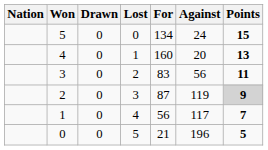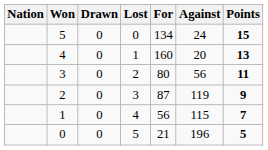 <table class="wikitable" style="text-align: center;">
 <tr>
 <th>Nation</th>
 <th>Won</th>
 <th>Drawn</th>
 <th>Lost</th>
 <th>For</th>
 <th>Against</th>
 <th>Points</th>
 </tr>
 <tr>
 <td align="left"></td>
 <td>5</td>
 <td>0</td>
 <td>0</td>
 <td>134</td>
 <td>24</td>
 <td><strong>15</strong></td>
 </tr>
 <tr>
 <td align="left"></td>
 <td>4</td>
 <td>0</td>
 <td>1</td>
 <td>160</td>
 <td>20</td>
 <td><strong>13</strong></td>
 </tr>
 <tr>
 <td align="left"></td>
 <td>3</td>
 <td>0</td>
 <td>2</td>
-<td>83</td>
+<td>80</td>
 <td>56</td>
 <td><strong>11</strong></td>
 </tr>
 <tr>
 <td align="left"></td>
 <td>2</td>
 <td>0</td>
 <td>3</td>
 <td>87</td>
 <td>119</td>
-<td style="background: lightgrey;"><strong>9</strong></td>
+<td><strong>9</strong></td>
 </tr>
 <tr>
 <td align="left"></td>
 <td>1</td>
 <td>0</td>
 <td>4</td>
 <td>56</td>
-<td>117</td>
+<td>115</td>
 <td><strong>7</strong></td>
 </tr>
 <tr>
 <td align="left"></td>
 <td>0</td>
 <td>0</td>
 <td>5</td>
 <td>21</td>
 <td>196</td>
 <td><strong>5</strong></td>
 </tr>
 </table>
